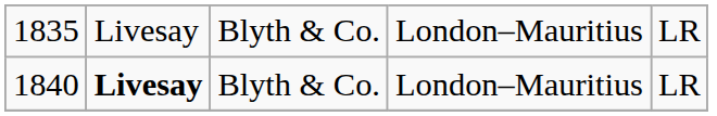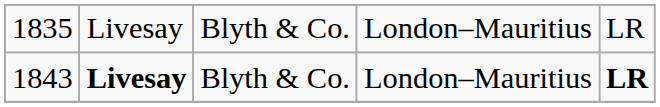 <table class="sortable wikitable">
 <tr>
 <td>1835</td>
 <td>Livesay</td>
 <td>Blyth & Co.</td>
 <td>London–Mauritius</td>
 <td>LR</td>
 </tr>
 <tr>
-<td>1840</td>
+<td>1843</td>
 <td><strong>Livesay</strong></td>
 <td>Blyth & Co.</td>
 <td>London–Mauritius</td>
-<td>LR</td>
+<td><strong>LR</strong></td>
 </tr>
 <tr>
 </tr>
 </table>
